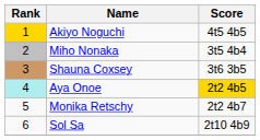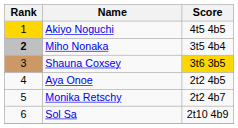 <table class="wikitable">
 <tr>
 <th width = "50">Rank</th>
 <th width = "200">Name</th>
 <th width = "70">Score</th>
 </tr>
 <tr>
 <td align="center" style="background: gold">1</td>
 <td> <a href='#'>Akiyo Noguchi</a></td>
 <td align="center">4t5 4b5</td>
 </tr>
 <tr>
-<td align="center" style="background: silver">2</td>
+<td align="center" style="background: silver"><strong>2</strong></td>
 <td> <a href='#'>Miho Nonaka</a></td>
 <td align="center">3t5 4b4</td>
 </tr>
 <tr>
 <td align="center" style="background: #cc9966">3</td>
 <td> <a href='#'>Shauna Coxsey</a></td>
-<td align="center">3t6 3b5</td>
+<td align="center" style="background: gold;">3t6 3b5</td>
 </tr>
 <tr>
-<td align="center" style="background: paleturquoise;">4</td>
+<td align="center">4</td>
 <td> <a href='#'>Aya Onoe</a></td>
-<td align="center" style="background: gold;">2t2 4b5</td>
+<td align="center">2t2 4b5</td>
 </tr>
 <tr>
 <td align="center">5</td>
 <td> <a href='#'>Monika Retschy</a></td>
 <td align="center">2t2 4b7</td>
 </tr>
 <tr>
 <td align="center">6</td>
 <td> <a href='#'>Sol Sa</a></td>
 <td align="center">2t10 4b9</td>
 </tr>
 <tr>
 </tr>
 </table>
